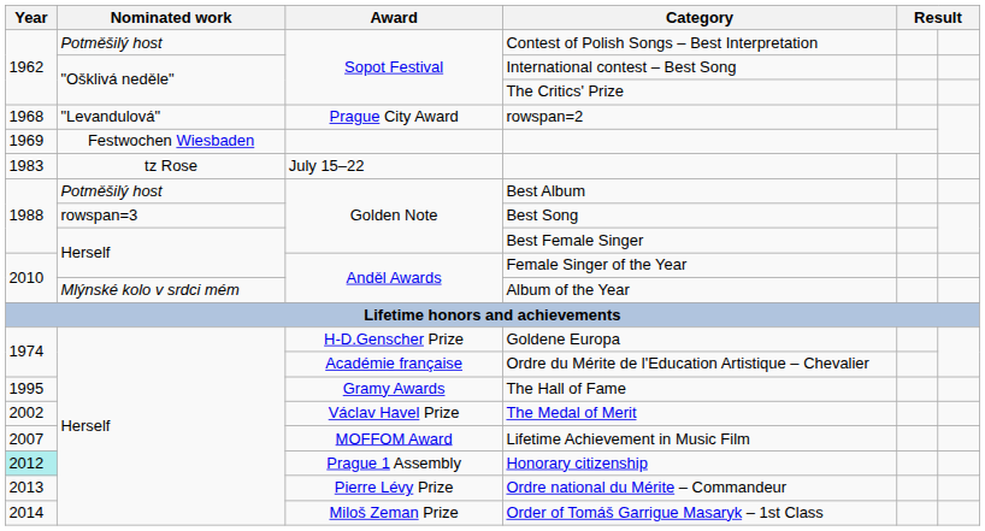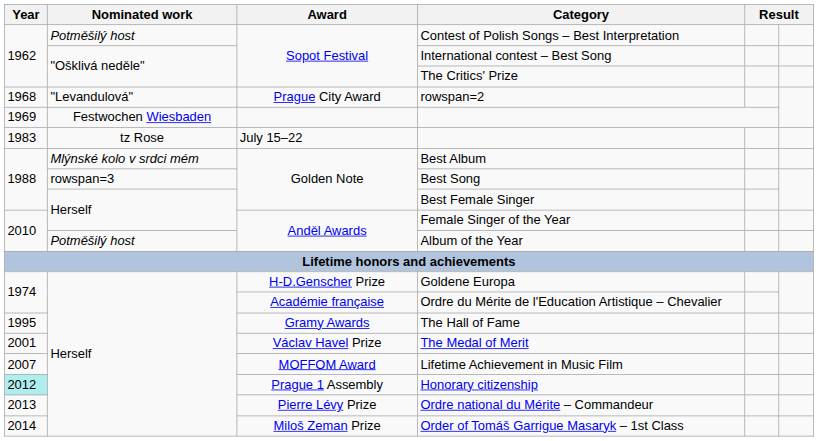 <table class=wikitable>
 <tr>
 <th width=5%>Year</th>
 <th width=22%>Nominated work</th>
 <th width=21%>Award</th>
 <th width=38%>Category</th>
 <th width=14% colspan=2>Result</th>
 </tr>
 <tr>
 <td rowspan=3>1962</td>
 <td><em>Potměšilý host</em></td>
 <td rowspan=3 align=center><a href='#'>Sopot Festival</a></td>
 <td>Contest of Polish Songs – Best Interpretation</td>
 <td></td>
 <td width=4% align=center></td>
 </tr>
 <tr>
 <td rowspan=2>"Ošklivá neděle"</td>
 <td>International contest – Best Song</td>
 <td></td>
 <td width=4% align=center></td>
 </tr>
 <tr>
 <td>The Critics' Prize</td>
 <td></td>
 <td width=4% align=center></td>
 </tr>
 <tr>
 <td>1968</td>
 <td>"Levandulová"</td>
 <td align=center><a href='#'>Prague</a> City Award</td>
 <td>rowspan=2 </td>
 <td></td>
 <td width=4% align=center rowspan=2></td>
 </tr>
 <tr>
 <td>1969</td>
 <td align=center>Festwochen <a href='#'>Wiesbaden</a></td>
 <td></td>
 </tr>
 <tr>
 <td>1983</td>
 <td align=center>tz Rose</td>
 <td>July 15–22</td>
 <td></td>
 <td width=4% align=center></td>
 </tr>
 <tr>
 <td rowspan=3>1988</td>
-<td><em>Potměšilý host</em></td>
+<td><em>Mlýnské kolo v srdci mém</em></td>
 <td rowspan=3 align=center>Golden Note</td>
 <td>Best Album</td>
 <td></td>
 <td width=4% align=center></td>
 </tr>
 <tr>
 <td>rowspan=3 </td>
 <td>Best Song </td>
 <td></td>
 <td width=4% align=center rowspan=2></td>
 </tr>
 <tr>
 <td rowspan=2>Herself</td>
 <td>Best Female Singer</td>
 <td></td>
 </tr>
 <tr>
 <td rowspan=2>2010</td>
 <td rowspan=2 align=center><a href='#'>Anděl Awards</a></td>
 <td>Female Singer of the Year</td>
 <td></td>
 <td width=4% align=center></td>
 </tr>
 <tr>
-<td><em>Mlýnské kolo v srdci mém</em></td>
+<td><em>Potměšilý host</em></td>
 <td>Album of the Year</td>
 <td></td>
 <td width=4% align=center></td>
 </tr>
 <tr>
 <th colspan=6 style=background:#B0C4DE>Lifetime honors and achievements</th>
 </tr>
 <tr>
 <td rowspan=2>1974</td>
 <td rowspan=8>Herself</td>
 <td align=center><a href='#'>H-D.Genscher</a> Prize</td>
 <td>Goldene Europa</td>
 <td></td>
 <td width=4% align=center rowspan=2></td>
 </tr>
 <tr>
 <td align=center><a href='#'>Académie française</a></td>
 <td>Ordre du Mérite de l'Education Artistique – Chevalier</td>
 <td></td>
 </tr>
 <tr>
 <td>1995</td>
 <td align=center><a href='#'>Gramy Awards</a></td>
 <td>The Hall of Fame</td>
 <td></td>
 <td width=4% align=center></td>
 </tr>
 <tr>
-<td>2002</td>
+<td>2001</td>
 <td align=center><a href='#'>Václav Havel</a> Prize</td>
 <td><a href='#'>The Medal of Merit</a></td>
 <td></td>
 <td width=4% align=center></td>
 </tr>
 <tr>
 <td>2007</td>
 <td align=center><a href='#'>MOFFOM Award</a></td>
 <td>Lifetime Achievement in Music Film</td>
 <td></td>
 <td width=4% align=center></td>
 </tr>
 <tr>
 <td style="background: paleturquoise;">2012</td>
 <td align=center><a href='#'>Prague 1</a> Assembly</td>
 <td><a href='#'>Honorary citizenship</a></td>
 <td></td>
 <td width=4% align=center></td>
 </tr>
 <tr>
 <td>2013</td>
 <td align=center><a href='#'>Pierre Lévy</a> Prize</td>
 <td><a href='#'>Ordre national du Mérite</a> – Commandeur</td>
 <td></td>
 <td width=4% align=center></td>
 </tr>
 <tr>
 <td>2014</td>
 <td align=center><a href='#'>Miloš Zeman</a> Prize</td>
 <td><a href='#'>Order of Tomáš Garrigue Masaryk</a> – 1st Class</td>
 <td></td>
 <td width=4% align=center></td>
 </tr>
 </table>
